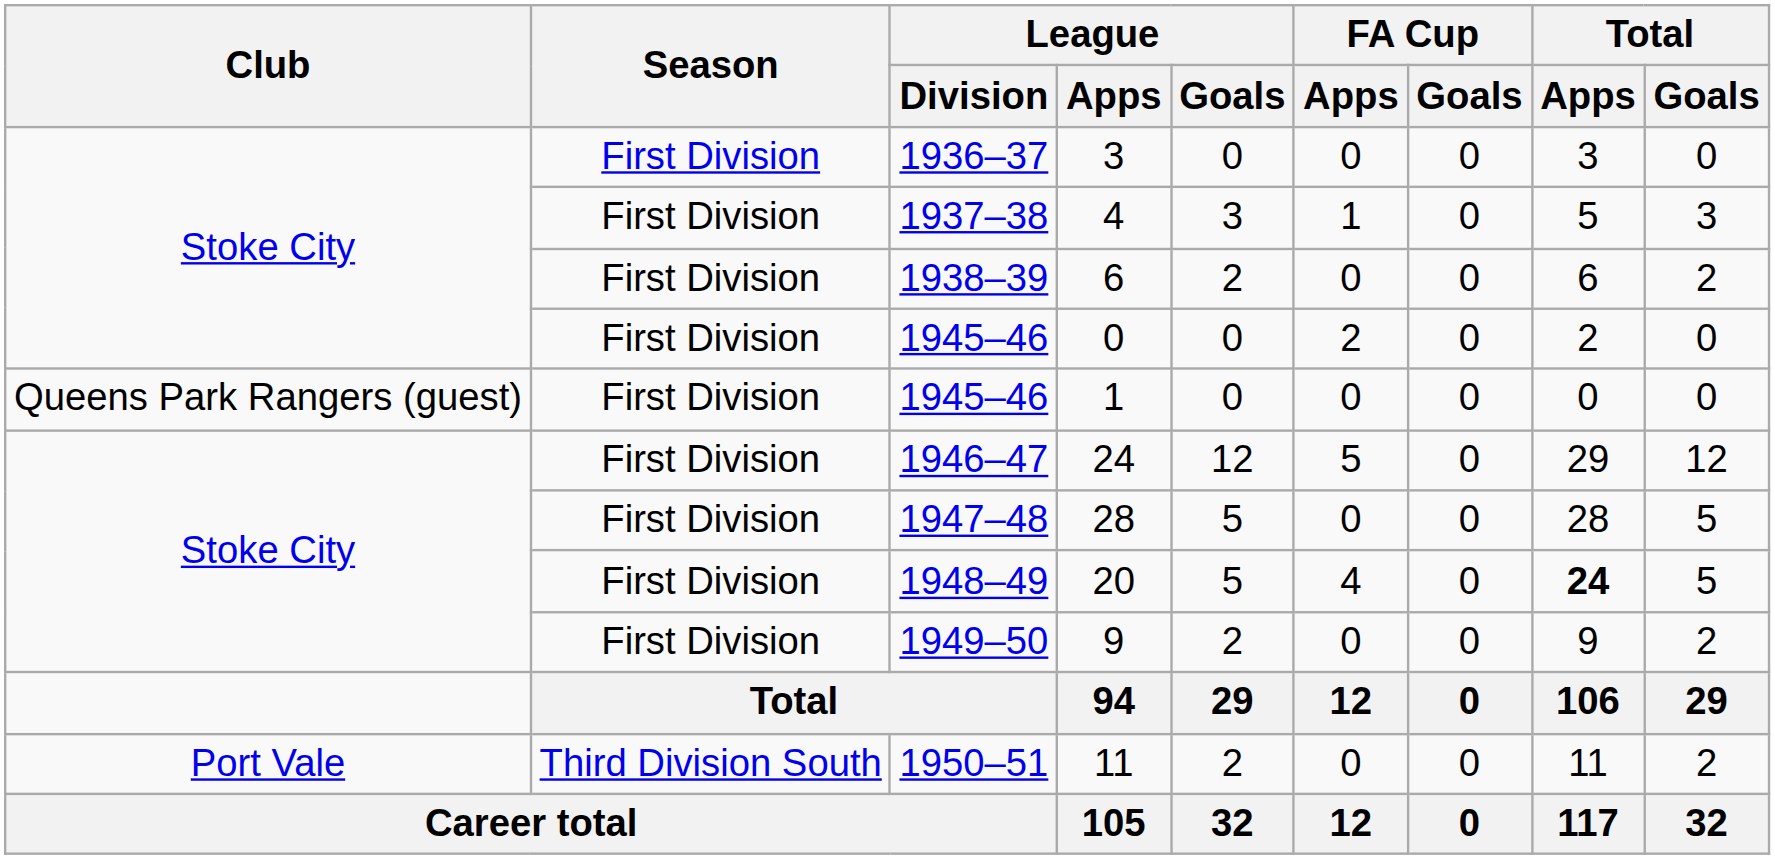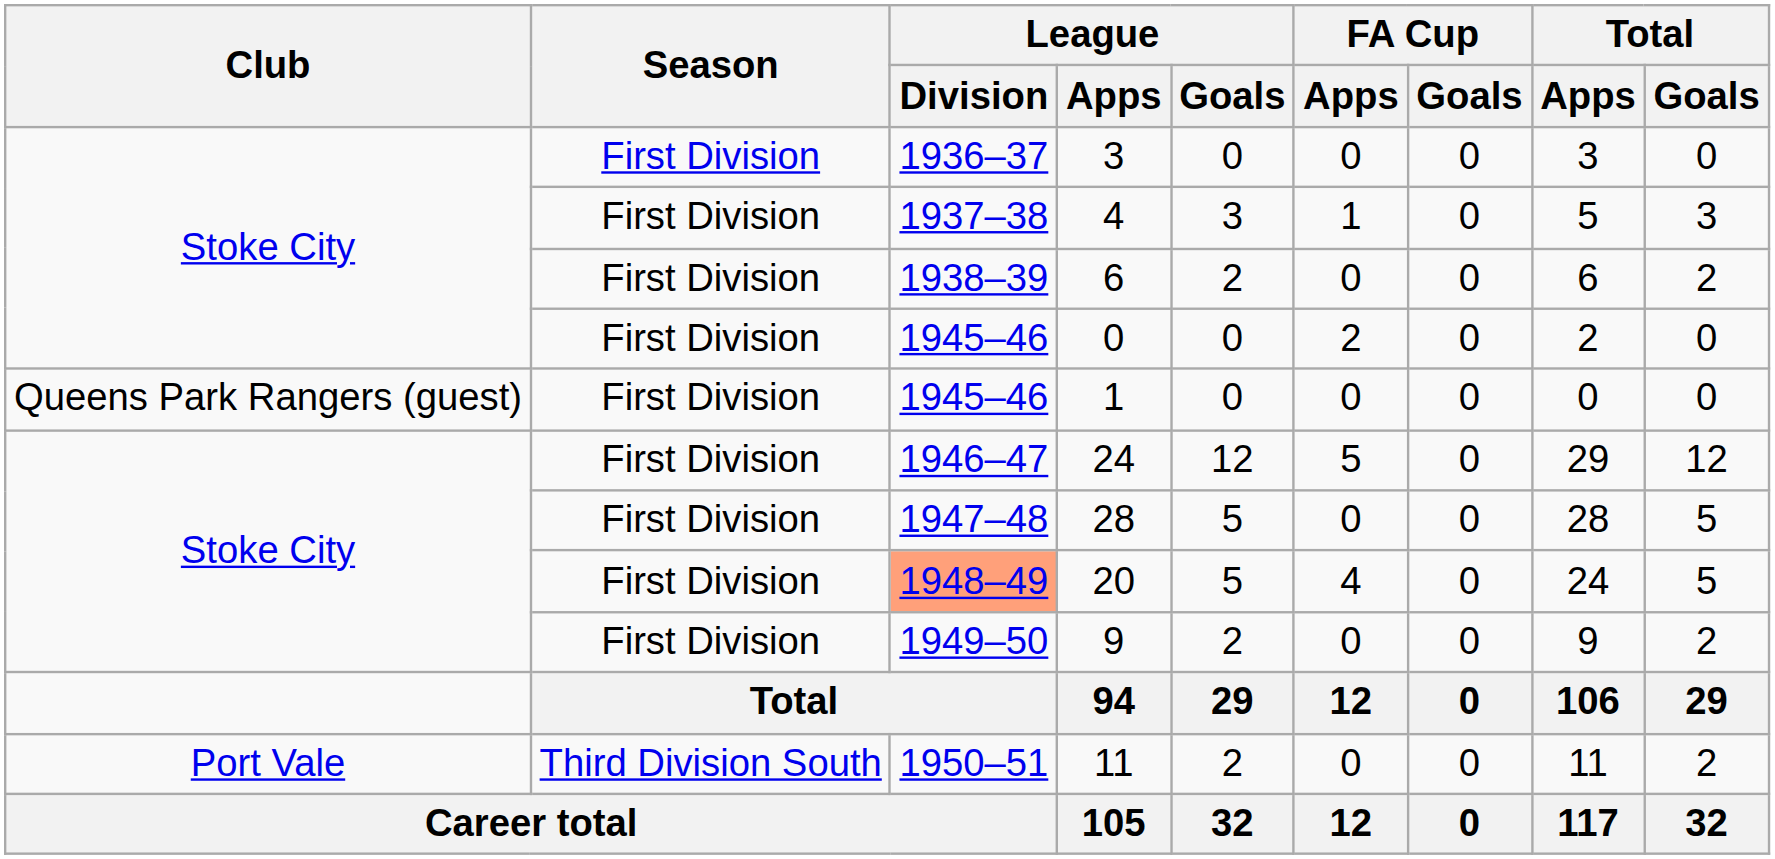 <table class="wikitable" style="text-align: center;">
 <tr>
 <th rowspan="2">Club</th>
 <th rowspan="2">Season</th>
 <th colspan="3">League</th>
 <th colspan="2">FA Cup</th>
 <th colspan="2">Total</th>
 </tr>
 <tr>
 <th>Division</th>
 <th>Apps</th>
 <th>Goals</th>
 <th>Apps</th>
 <th>Goals</th>
 <th>Apps</th>
 <th>Goals</th>
 </tr>
 <tr>
 <td rowspan="4"><a href='#'>Stoke City</a></td>
 <td><a href='#'>First Division</a></td>
 <td><a href='#'>1936–37</a></td>
 <td>3</td>
 <td>0</td>
 <td>0</td>
 <td>0</td>
 <td>3</td>
 <td>0</td>
 </tr>
 <tr>
 <td>First Division</td>
 <td><a href='#'>1937–38</a></td>
 <td>4</td>
 <td>3</td>
 <td>1</td>
 <td>0</td>
 <td>5</td>
 <td>3</td>
 </tr>
 <tr>
 <td>First Division</td>
 <td><a href='#'>1938–39</a></td>
 <td>6</td>
 <td>2</td>
 <td>0</td>
 <td>0</td>
 <td>6</td>
 <td>2</td>
 </tr>
 <tr>
 <td>First Division</td>
 <td><a href='#'>1945–46</a></td>
 <td>0</td>
 <td>0</td>
 <td>2</td>
 <td>0</td>
 <td>2</td>
 <td>0</td>
 </tr>
 <tr>
 <td>Queens Park Rangers (guest)</td>
 <td>First Division</td>
 <td><a href='#'>1945–46</a></td>
 <td>1</td>
 <td>0</td>
 <td>0</td>
 <td>0</td>
 <td>0</td>
 <td>0</td>
 </tr>
 <tr>
 <td rowspan="4"><a href='#'>Stoke City</a></td>
 <td>First Division</td>
 <td><a href='#'>1946–47</a></td>
 <td>24</td>
 <td>12</td>
 <td>5</td>
 <td>0</td>
 <td>29</td>
 <td>12</td>
 </tr>
 <tr>
 <td>First Division</td>
 <td><a href='#'>1947–48</a></td>
 <td>28</td>
 <td>5</td>
 <td>0</td>
 <td>0</td>
 <td>28</td>
 <td>5</td>
 </tr>
 <tr>
 <td>First Division</td>
-<td><a href='#'>1948–49</a></td>
+<td style="background: lightsalmon;"><a href='#'>1948–49</a></td>
 <td>20</td>
 <td>5</td>
 <td>4</td>
 <td>0</td>
-<td><strong>24</strong></td>
+<td>24</td>
 <td>5</td>
 </tr>
 <tr>
 <td>First Division</td>
 <td><a href='#'>1949–50</a></td>
 <td>9</td>
 <td>2</td>
 <td>0</td>
 <td>0</td>
 <td>9</td>
 <td>2</td>
 </tr>
 <tr>
 <td></td>
 <th colspan="2">Total</th>
 <th>94</th>
 <th>29</th>
 <th>12</th>
 <th>0</th>
 <th>106</th>
 <th>29</th>
 </tr>
 <tr>
 <td><a href='#'>Port Vale</a></td>
 <td><a href='#'>Third Division South</a></td>
 <td><a href='#'>1950–51</a></td>
 <td>11</td>
 <td>2</td>
 <td>0</td>
 <td>0</td>
 <td>11</td>
 <td>2</td>
 </tr>
 <tr>
 <th colspan="3">Career total</th>
 <th>105</th>
 <th>32</th>
 <th>12</th>
 <th>0</th>
 <th>117</th>
 <th>32</th>
 </tr>
 </table>
